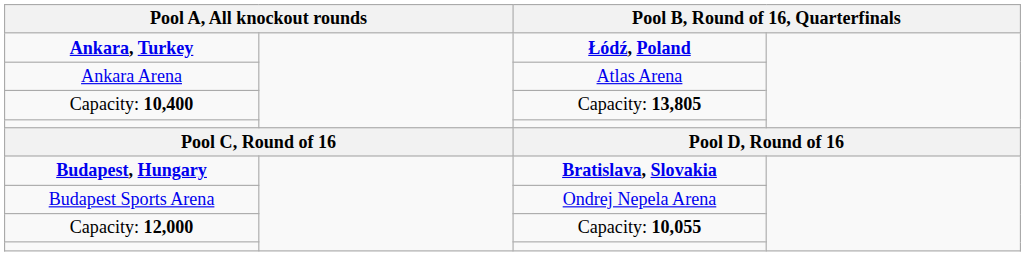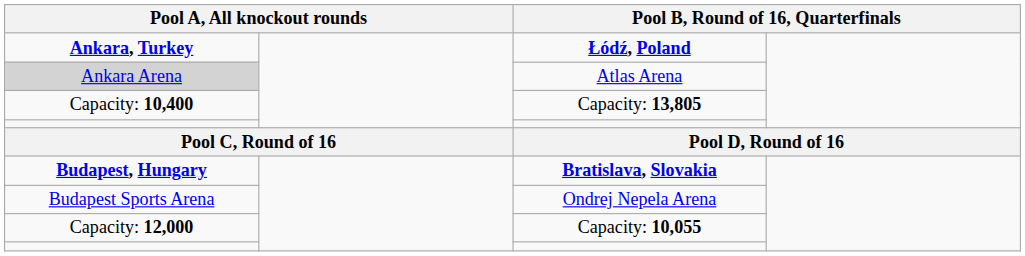 <table class="wikitable" style="text-align: center; width: 900px;">
 <tr>
 <th colspan="2" style="width: 50%;">Pool A, All knockout rounds</th>
 <th colspan="2" style="width: 50%;">Pool B, Round of 16, Quarterfinals</th>
 </tr>
 <tr>
 <td><strong> <a href='#'>Ankara</a>, <a href='#'>Turkey</a></strong></td>
 <td rowspan="4"></td>
 <td><strong> <a href='#'>Łódź</a>, <a href='#'>Poland</a></strong></td>
 <td rowspan="4"></td>
 </tr>
 <tr>
-<td><a href='#'>Ankara Arena</a></td>
+<td style="background: lightgrey;"><a href='#'>Ankara Arena</a></td>
 <td><a href='#'>Atlas Arena</a></td>
 </tr>
 <tr>
 <td>Capacity: <strong>10,400</strong></td>
 <td>Capacity: <strong>13,805</strong></td>
 </tr>
 <tr>
 <td></td>
 <td></td>
 </tr>
 <tr>
 <th colspan="2" style="width: 50%;">Pool C, Round of 16</th>
 <th colspan="2" style="width: 50%;">Pool D, Round of 16</th>
 </tr>
 <tr>
 <td style="width: 25%;"><strong> <a href='#'>Budapest</a>, <a href='#'>Hungary</a></strong></td>
 <td rowspan="4" style="width: 25%;"></td>
 <td style="width: 25%;"><strong> <a href='#'>Bratislava</a>, <a href='#'>Slovakia</a></strong></td>
 <td rowspan="4" style="width: 25%;"></td>
 </tr>
 <tr>
 <td><a href='#'>Budapest Sports Arena</a></td>
 <td><a href='#'>Ondrej Nepela Arena</a></td>
 </tr>
 <tr>
 <td>Capacity: <strong>12,000</strong></td>
 <td>Capacity: <strong>10,055</strong></td>
 </tr>
 <tr>
 <td></td>
 <td></td>
 </tr>
 </table>
